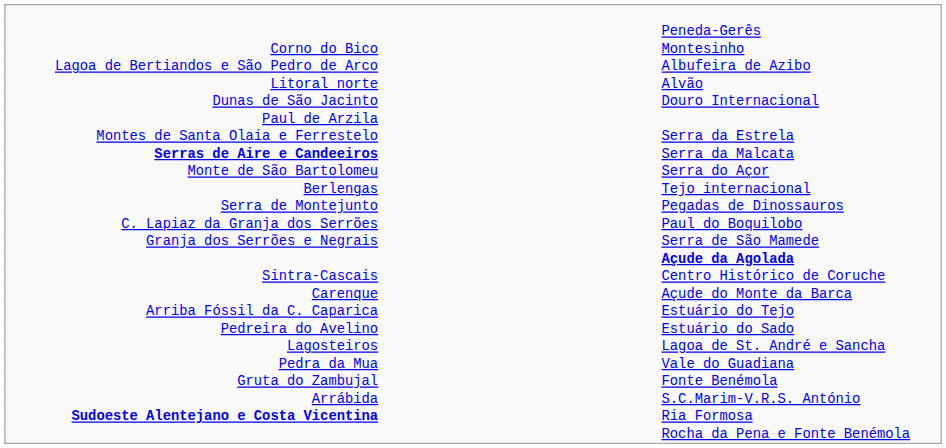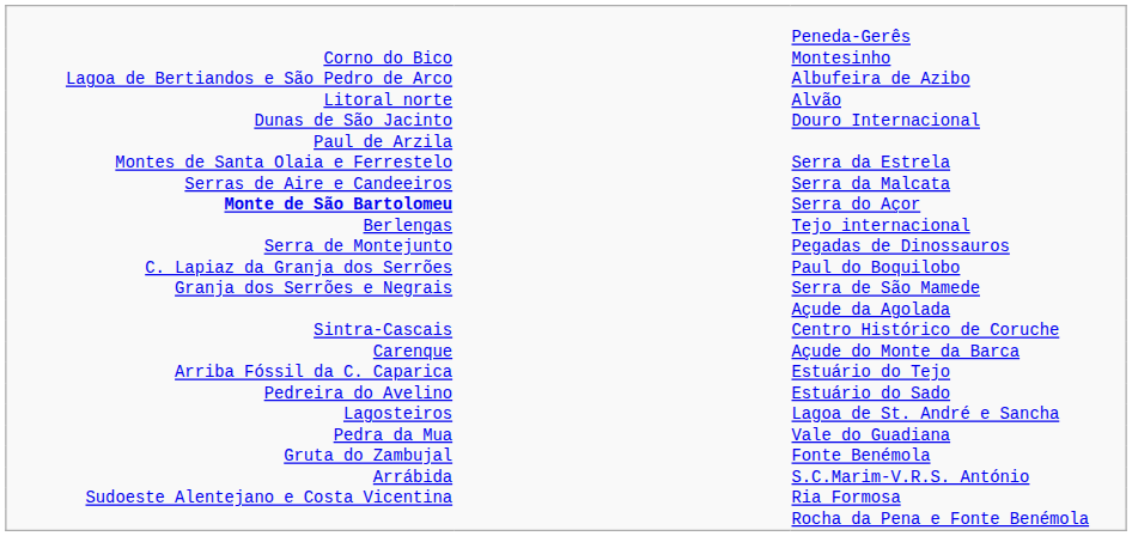 <table cellpadding="1" cellspacing="0" style="margin:1em auto; background: #f9f9f9; border: 1px #aaa solid; border-collapse: collapse; font-size: 85%; width: 750px;">
 <tr>
 <td style="width: 40%; background: #f9f9f9;text-align: right; "> </td>
 <td rowspan="25" width="312"></td>
 <td style="width: 30%; background: #f9f9f9;text-align: left;"> </td>
 </tr>
 <tr>
 <td style="background: #f9f9f9;text-align: right; "> </td>
 <td style="background: #f9f9f9;text-align: left;"><a href='#'>Peneda-Gerês</a></td>
 </tr>
 <tr>
 <td style="background: #f9f9f9;text-align: right; "><a href='#'>Corno do Bico</a></td>
 <td style="background: #f9f9f9;text-align: left;"><a href='#'>Montesinho</a></td>
 </tr>
 <tr>
 <td style="background: #f9f9f9;text-align: right;"><a href='#'>Lagoa de Bertiandos e São Pedro de Arco</a></td>
 <td style="background: #f9f9f9;text-align: left; "><a href='#'>Albufeira de Azibo</a></td>
 </tr>
 <tr>
 <td style="background: #f9f9f9;text-align: right;"><a href='#'>Litoral norte</a></td>
 <td style="background: #f9f9f9;text-align: left; "><a href='#'>Alvão</a></td>
 </tr>
 <tr>
 <td style="background: #f9f9f9;text-align: right;"><a href='#'>Dunas de São Jacinto</a></td>
 <td style="background: #f9f9f9;text-align: left; "><a href='#'>Douro Internacional</a></td>
 </tr>
 <tr>
 <td style="background: #f9f9f9;text-align: right;"><a href='#'>Paul de Arzila</a></td>
 <td style="background: #f9f9f9;text-align: left; "> </td>
 </tr>
 <tr>
 <td style="background: #f9f9f9;text-align: right;"><a href='#'>Montes de Santa Olaia e Ferrestelo</a></td>
 <td style="background: #f9f9f9;text-align: left; "><a href='#'>Serra da Estrela</a></td>
 </tr>
 <tr>
-<td style="background: #f9f9f9;text-align: right;"><strong><a href='#'>Serras de Aire e Candeeiros</a></strong></td>
+<td style="background: #f9f9f9;text-align: right;"><a href='#'>Serras de Aire e Candeeiros</a></td>
 <td style="background: #f9f9f9;text-align: left; "><a href='#'>Serra da Malcata</a></td>
 </tr>
 <tr>
-<td style="background: #f9f9f9;text-align: right;"><a href='#'>Monte de São Bartolomeu</a></td>
+<td style="background: #f9f9f9;text-align: right;"><strong><a href='#'>Monte de São Bartolomeu</a></strong></td>
 <td style="background: #f9f9f9;text-align: left; "><a href='#'>Serra do Açor</a></td>
 </tr>
 <tr>
 <td style="background: #f9f9f9;text-align: right;"><a href='#'>Berlengas</a></td>
 <td style="background: #f9f9f9;text-align: left; "><a href='#'>Tejo internacional</a></td>
 </tr>
 <tr>
 <td style="background: #f9f9f9;text-align: right;"><a href='#'>Serra de Montejunto</a></td>
 <td style="background: #f9f9f9;text-align: left; "><a href='#'>Pegadas de Dinossauros</a></td>
 </tr>
 <tr>
 <td style="background: #f9f9f9;text-align: right;"><a href='#'>C. Lapiaz da Granja dos Serrões</a></td>
 <td style="background: #f9f9f9;text-align: left; "><a href='#'>Paul do Boquilobo</a></td>
 </tr>
 <tr>
 <td style="background: #f9f9f9;text-align: right;"><a href='#'>Granja dos Serrões e Negrais</a></td>
 <td style="background: #f9f9f9;text-align: left; "><a href='#'>Serra de São Mamede</a></td>
 </tr>
 <tr>
 <td style="background: #f9f9f9;text-align: right;"> </td>
-<td style="background: #f9f9f9;text-align: left; "><strong><a href='#'>Açude da Agolada</a></strong></td>
+<td style="background: #f9f9f9;text-align: left; "><a href='#'>Açude da Agolada</a></td>
 </tr>
 <tr>
 <td style="background: #f9f9f9;text-align: right;"><a href='#'>Sintra-Cascais</a></td>
 <td style="background: #f9f9f9;text-align: left; "><a href='#'>Centro Histórico de Coruche</a></td>
 </tr>
 <tr>
 <td style="background: #f9f9f9;text-align: right;"><a href='#'>Carenque</a></td>
 <td style="background: #f9f9f9;text-align: left; "><a href='#'>Açude do Monte da Barca</a></td>
 </tr>
 <tr>
 <td style="background: #f9f9f9;text-align: right;"><a href='#'>Arriba Fóssil da C. Caparica</a></td>
 <td style="background: #f9f9f9;text-align: left; "><a href='#'>Estuário do Tejo</a></td>
 </tr>
 <tr>
 <td style="background: #f9f9f9;text-align: right;"><a href='#'>Pedreira do Avelino</a></td>
 <td style="background: #f9f9f9;text-align: left; "><a href='#'>Estuário do Sado</a></td>
 </tr>
 <tr>
 <td style="background: #f9f9f9;text-align: right;"><a href='#'>Lagosteiros</a></td>
 <td style="background: #f9f9f9;text-align: left; "><a href='#'>Lagoa de St. André e Sancha</a></td>
 </tr>
 <tr>
 <td style="background: #f9f9f9;text-align: right;"><a href='#'>Pedra da Mua</a></td>
 <td style="background: #f9f9f9;text-align: left; "><a href='#'>Vale do Guadiana</a></td>
 </tr>
 <tr>
 <td style="background: #f9f9f9;text-align: right;"><a href='#'>Gruta do Zambujal</a></td>
 <td style="background: #f9f9f9;text-align: left; "><a href='#'>Fonte Benémola</a></td>
 </tr>
 <tr>
 <td style="background: #f9f9f9;text-align: right;"><a href='#'>Arrábida</a></td>
 <td style="background: #f9f9f9;text-align: left; "><a href='#'>S.C.Marim-V.R.S. António</a></td>
 </tr>
 <tr>
-<td style="background: #f9f9f9;text-align: right;"><strong><a href='#'>Sudoeste Alentejano e Costa Vicentina</a></strong></td>
+<td style="background: #f9f9f9;text-align: right;"><a href='#'>Sudoeste Alentejano e Costa Vicentina</a></td>
 <td style="background: #f9f9f9;text-align: left; "><a href='#'>Ria Formosa</a></td>
 </tr>
 <tr>
 <td style="background: #f9f9f9;text-align: right;"> </td>
 <td style="background: #f9f9f9;text-align: left; "><a href='#'>Rocha da Pena e Fonte Benémola</a></td>
 </tr>
 </table>
